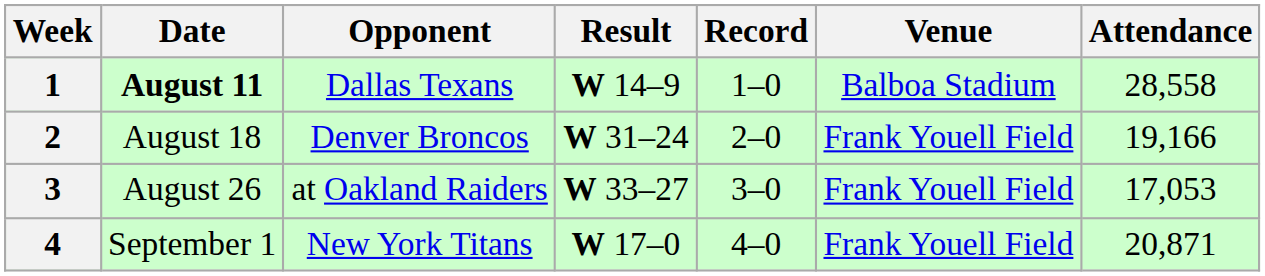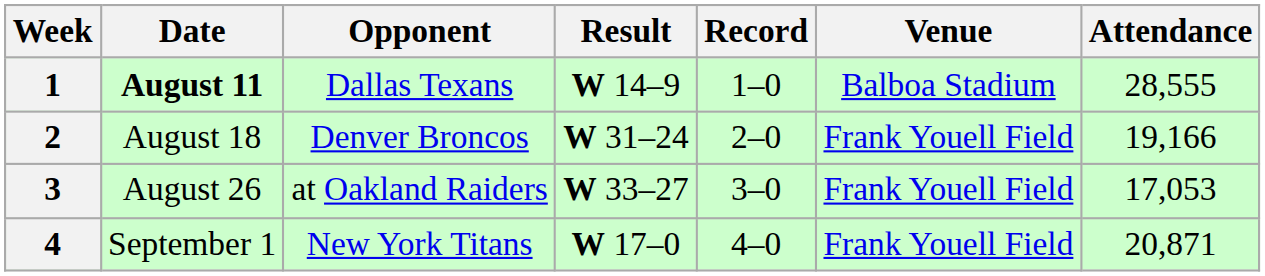 <table class="wikitable" style="text-align:center">
 <tr>
 <th>Week</th>
 <th>Date</th>
 <th>Opponent</th>
 <th>Result</th>
 <th>Record</th>
 <th>Venue</th>
 <th>Attendance</th>
 </tr>
 <tr style="background:#cfc">
 <th>1</th>
 <td><strong>August 11</strong></td>
 <td><a href='#'>Dallas Texans</a></td>
 <td><strong>W</strong> 14–9</td>
 <td>1–0</td>
 <td><a href='#'>Balboa Stadium</a></td>
-<td>28,558</td>
+<td>28,555</td>
 </tr>
 <tr style="background:#cfc">
 <th>2</th>
 <td>August 18</td>
 <td><a href='#'>Denver Broncos</a></td>
 <td><strong>W</strong> 31–24</td>
 <td>2–0</td>
 <td><a href='#'>Frank Youell Field</a></td>
 <td>19,166</td>
 </tr>
 <tr style="background:#cfc">
 <th>3</th>
 <td>August 26</td>
 <td>at <a href='#'>Oakland Raiders</a></td>
 <td><strong>W</strong> 33–27</td>
 <td>3–0</td>
 <td><a href='#'>Frank Youell Field</a></td>
 <td>17,053</td>
 </tr>
 <tr style="background:#cfc">
 <th>4</th>
 <td>September 1</td>
 <td><a href='#'>New York Titans</a></td>
 <td><strong>W</strong> 17–0</td>
 <td>4–0</td>
 <td><a href='#'>Frank Youell Field</a></td>
 <td>20,871</td>
 </tr>
 </table>
